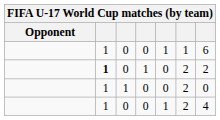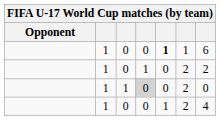 <table class="wikitable sortable" style="text-align: center;">
 <tr>
 <th colspan=7>FIFA U-17 World Cup matches (by team)</th>
 </tr>
 <tr>
 <th>Opponent</th>
 <th style="width:20px;"></th>
 <th style="width:20px;"></th>
 <th style="width:20px;"></th>
 <th style="width:20px;"></th>
 <th style="width:20px;"></th>
 <th style="width:20px;"></th>
 </tr>
 <tr>
 <td align="left"></td>
 <td>1</td>
 <td>0</td>
 <td>0</td>
-<td>1</td>
+<td><strong>1</strong></td>
 <td>1</td>
 <td>6</td>
 </tr>
 <tr>
 <td align="left"></td>
-<td><strong>1</strong></td>
+<td>1</td>
 <td>0</td>
 <td>1</td>
 <td>0</td>
 <td>2</td>
 <td>2</td>
 </tr>
 <tr>
 <td align="left"></td>
 <td>1</td>
 <td>1</td>
-<td>0</td>
+<td style="background: lightgrey;">0</td>
 <td>0</td>
 <td>2</td>
 <td>0</td>
 </tr>
 <tr>
 <td align="left"></td>
 <td>1</td>
 <td>0</td>
 <td>0</td>
 <td>1</td>
 <td>2</td>
 <td>4</td>
 </tr>
 </table>
